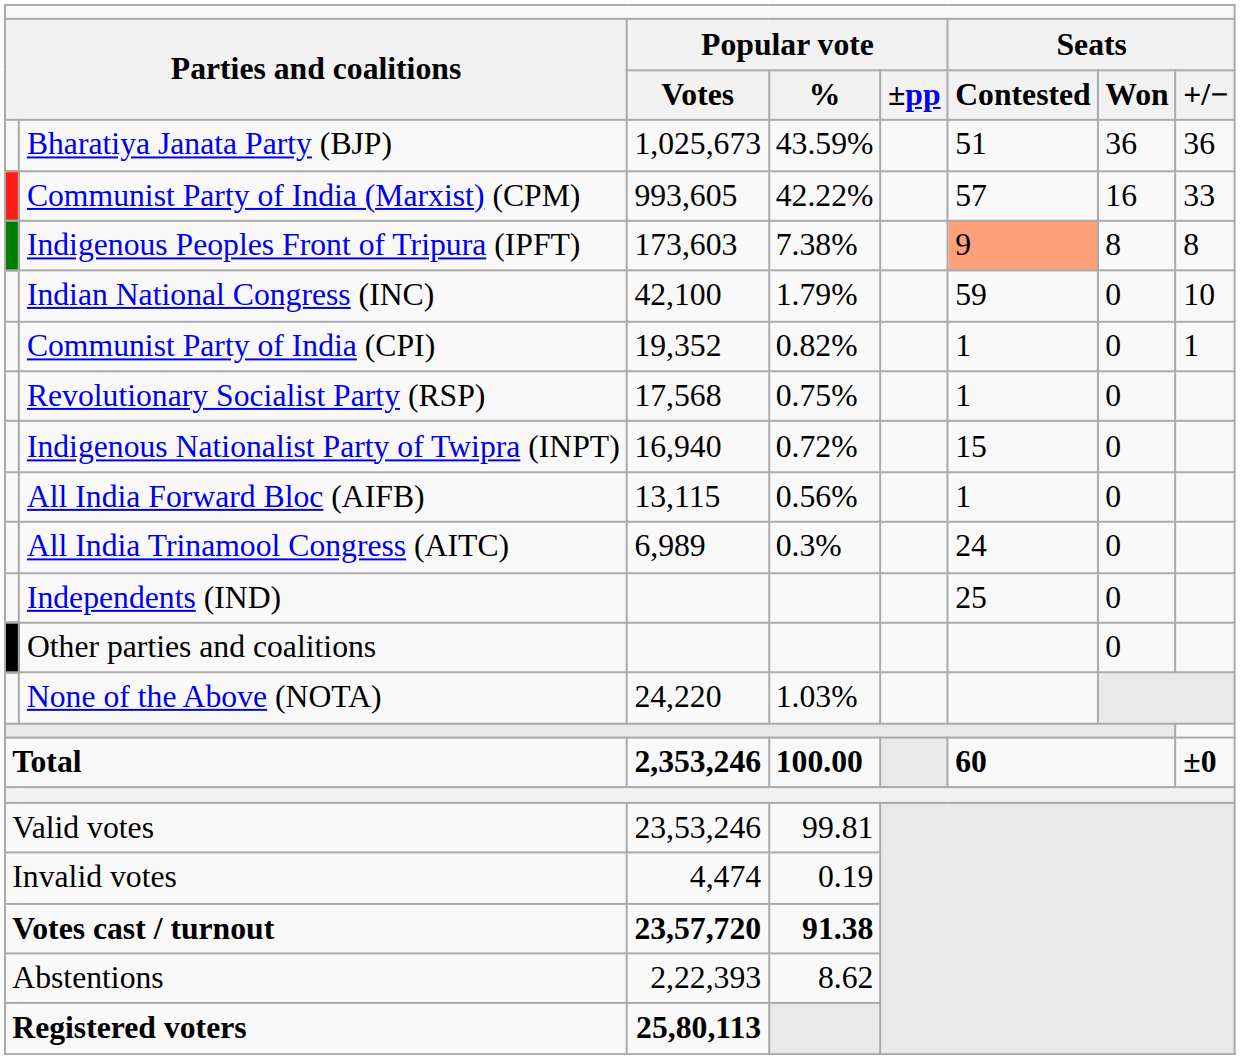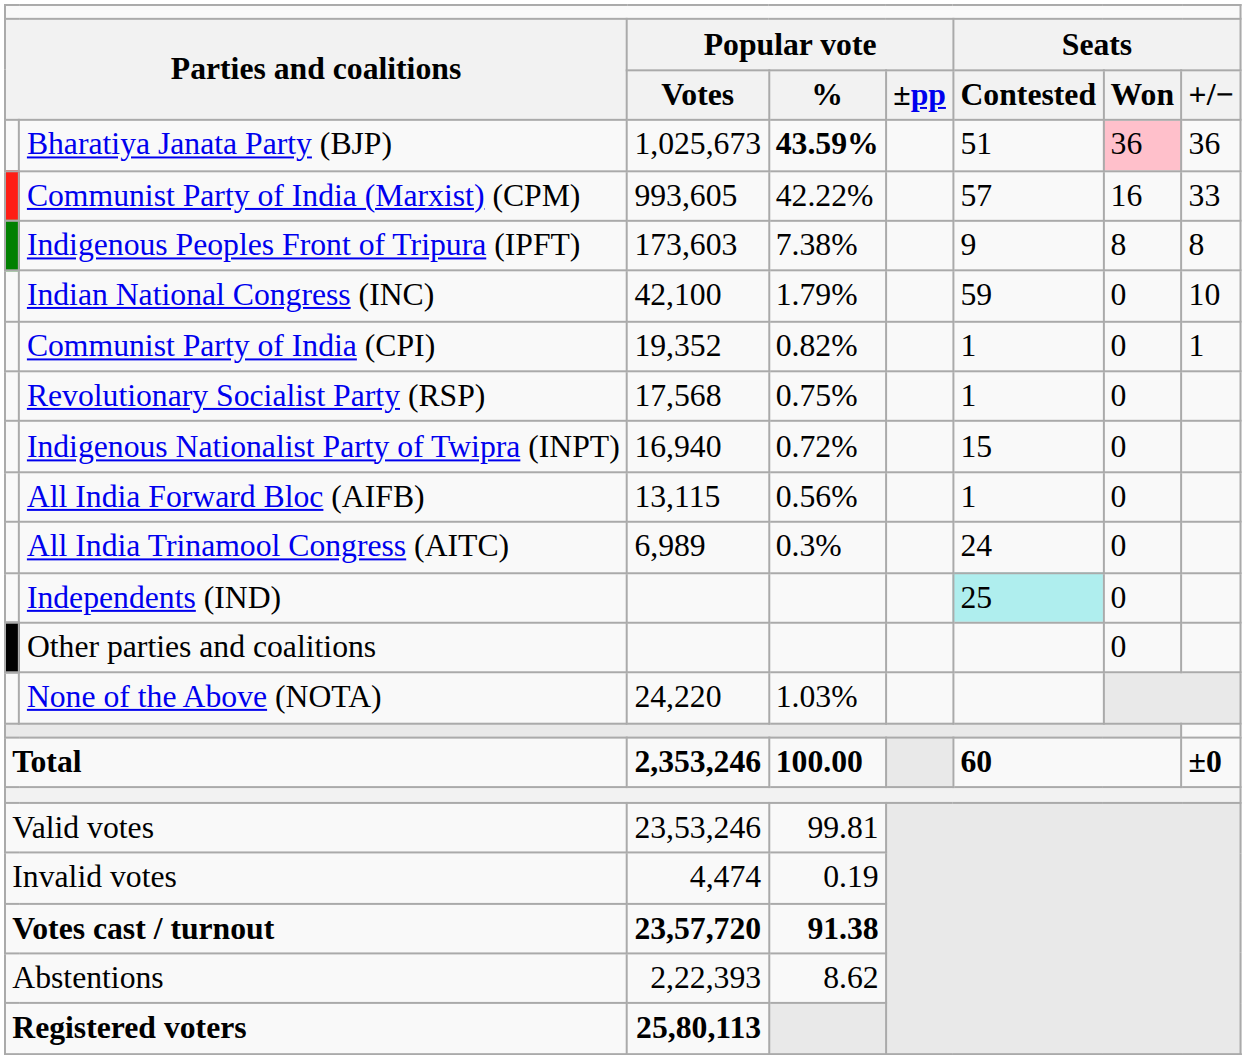 <table class="wikitable">
 <tr>
 <td colspan=10 align=center></td>
 </tr>
 <tr>
 <th colspan="2" rowspan="2">Parties and coalitions</th>
 <th colspan="3">Popular vote</th>
 <th colspan="3">Seats</th>
 </tr>
 <tr>
 <th>Votes</th>
 <th>%</th>
 <th>±<a href='#'>pp</a></th>
 <th>Contested</th>
 <th>Won</th>
 <th><strong>+/−</strong></th>
 </tr>
 <tr>
 <td></td>
 <td><a href='#'>Bharatiya Janata Party</a> (BJP)</td>
 <td>1,025,673</td>
-<td>43.59%</td>
+<td><strong>43.59%</strong></td>
 <td></td>
 <td>51</td>
-<td>36</td>
+<td style="background: pink;">36</td>
 <td>36</td>
 </tr>
 <tr>
 <td bgcolor=#FF1D15></td>
 <td><a href='#'>Communist Party of India (Marxist)</a> (CPM)</td>
 <td>993,605</td>
 <td>42.22%</td>
 <td></td>
 <td>57</td>
 <td>16</td>
 <td>33</td>
 </tr>
 <tr>
 <td bgcolor=#008000></td>
 <td><a href='#'>Indigenous Peoples Front of Tripura</a> (IPFT)</td>
 <td>173,603</td>
 <td>7.38%</td>
 <td></td>
-<td style="background: lightsalmon;">9</td>
+<td>9</td>
 <td>8</td>
 <td>8</td>
 </tr>
 <tr>
 <td></td>
 <td><a href='#'>Indian National Congress</a> (INC)</td>
 <td>42,100</td>
 <td>1.79%</td>
 <td></td>
 <td>59</td>
 <td>0</td>
 <td>10</td>
 </tr>
 <tr>
 <td></td>
 <td><a href='#'>Communist Party of India</a> (CPI)</td>
 <td>19,352</td>
 <td>0.82%</td>
 <td></td>
 <td>1</td>
 <td>0</td>
 <td>1</td>
 </tr>
 <tr>
 <td></td>
 <td><a href='#'>Revolutionary Socialist Party</a> (RSP)</td>
 <td>17,568</td>
 <td>0.75%</td>
 <td></td>
 <td>1</td>
 <td>0</td>
 <td></td>
 </tr>
 <tr>
 <td></td>
 <td><a href='#'>Indigenous Nationalist Party of Twipra</a> (INPT)</td>
 <td>16,940</td>
 <td>0.72%</td>
 <td></td>
 <td>15</td>
 <td>0</td>
 <td></td>
 </tr>
 <tr>
 <td></td>
 <td><a href='#'>All India Forward Bloc</a> (AIFB)</td>
 <td>13,115</td>
 <td>0.56%</td>
 <td></td>
 <td>1</td>
 <td>0</td>
 <td></td>
 </tr>
 <tr>
 <td></td>
 <td><a href='#'>All India Trinamool Congress</a> (AITC)</td>
 <td>6,989</td>
 <td>0.3%</td>
 <td></td>
 <td>24</td>
 <td>0</td>
 <td></td>
 </tr>
 <tr>
 <td></td>
 <td><a href='#'>Independents</a> (IND)</td>
 <td></td>
 <td></td>
 <td></td>
-<td>25</td>
+<td style="background: paleturquoise;">25</td>
 <td>0</td>
 <td></td>
 </tr>
 <tr>
 <td bgcolor="black"></td>
 <td>Other parties and coalitions</td>
 <td></td>
 <td></td>
 <td></td>
 <td></td>
 <td>0</td>
 <td></td>
 </tr>
 <tr>
 <td></td>
 <td><a href='#'>None of the Above</a> (NOTA)</td>
 <td>24,220</td>
 <td>1.03%</td>
 <td></td>
 <td></td>
 <td colspan="2" bgcolor="#E9E9E9"></td>
 </tr>
 <tr>
 <td colspan="7" bgcolor="#E9E9E9"></td>
 </tr>
 <tr style="font-weight:bold;">
 <td align="left" colspan="2">Total</td>
 <td>2,353,246</td>
 <td>100.00</td>
 <td bgcolor="#E9E9E9"></td>
 <td colspan="2">60</td>
 <td>±0</td>
 </tr>
 <tr>
 <th colspan="9"></th>
 </tr>
 <tr>
 <td style="text-align:left;" colspan="2">Valid votes</td>
 <td align="right">23,53,246</td>
 <td align="right">99.81</td>
 <td colspan="4" rowspan="5" style="background-color:#E9E9E9"></td>
 </tr>
 <tr>
 <td style="text-align:left;" colspan="2">Invalid votes</td>
 <td align="right">4,474</td>
 <td align="right">0.19</td>
 </tr>
 <tr>
 <td style="text-align:left;" colspan="2"><strong>Votes cast / turnout</strong></td>
 <td align="right"><strong>23,57,720</strong></td>
 <td align="right"><strong>91.38</strong></td>
 </tr>
 <tr>
 <td style="text-align:left;" colspan="2">Abstentions</td>
 <td align="right">2,22,393</td>
 <td align="right">8.62</td>
 </tr>
 <tr>
 <td style="text-align:left;" colspan="2"><strong>Registered voters</strong></td>
 <td align="right"><strong>25,80,113</strong></td>
 <td colspan="1" style="background-color:#E9E9E9"></td>
 </tr>
 <tr>
 </tr>
 <tr>
 </tr>
 </table>
